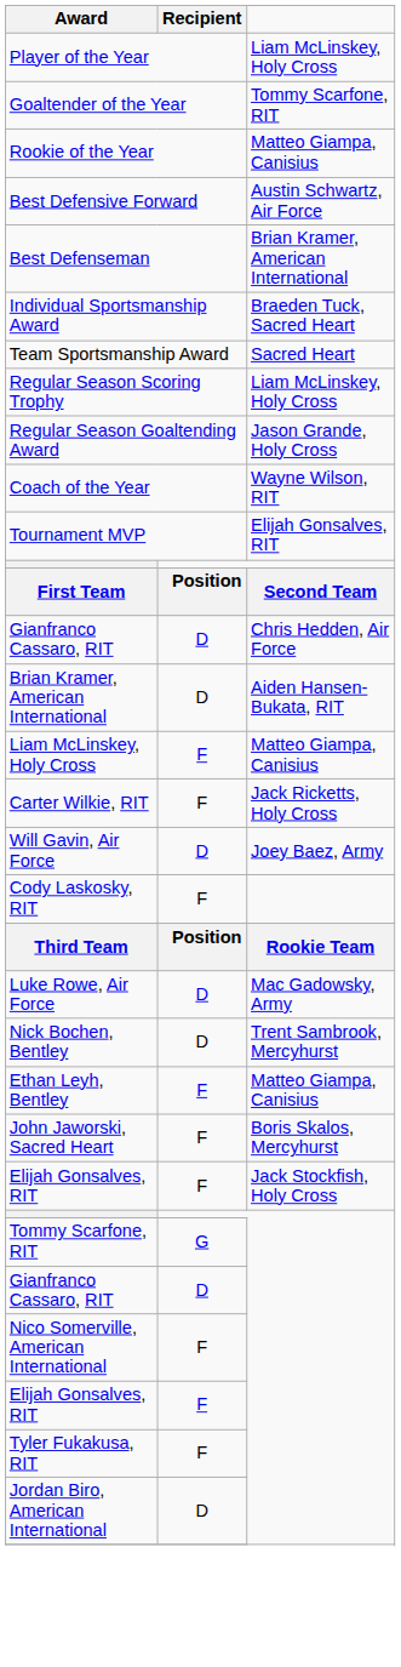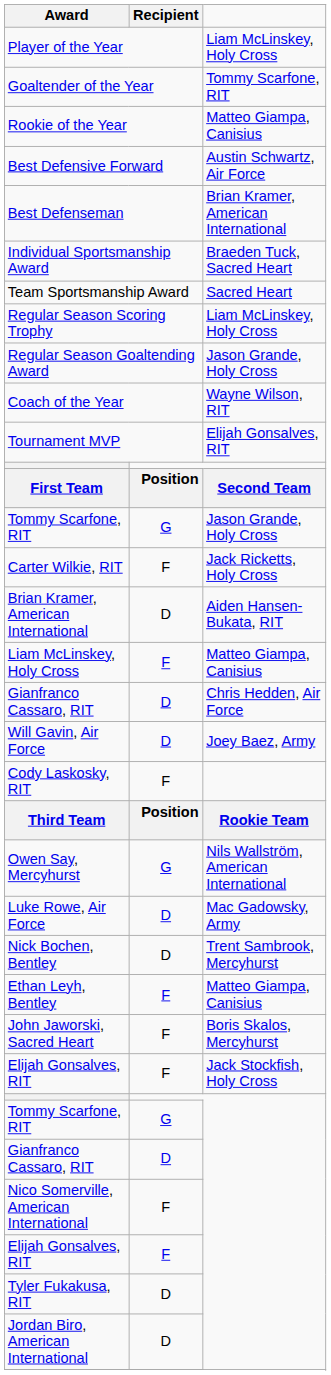 <table class="wikitable" width=40%>
 <tr>
 <th>Award</th>
 <th>Recipient </th>
 </tr>
 <tr>
 <td colspan=2><a href='#'>Player of the Year</a></td>
 <td><a href='#'>Liam McLinskey</a>, <a href='#'>Holy Cross</a></td>
 </tr>
 <tr>
 <td colspan=2><a href='#'>Goaltender of the Year</a></td>
 <td><a href='#'>Tommy Scarfone</a>, <a href='#'>RIT</a></td>
 </tr>
 <tr>
 <td colspan=2><a href='#'>Rookie of the Year</a></td>
 <td><a href='#'>Matteo Giampa</a>, <a href='#'>Canisius</a></td>
 </tr>
 <tr>
 <td colspan=2><a href='#'>Best Defensive Forward</a></td>
 <td><a href='#'>Austin Schwartz</a>, <a href='#'>Air Force</a></td>
 </tr>
 <tr>
 <td colspan=2><a href='#'>Best Defenseman</a></td>
 <td><a href='#'>Brian Kramer</a>, <a href='#'>American International</a></td>
 </tr>
 <tr>
 <td colspan=2><a href='#'>Individual Sportsmanship Award</a></td>
 <td><a href='#'>Braeden Tuck</a>, <a href='#'>Sacred Heart</a></td>
 </tr>
 <tr>
 <td colspan=2>Team Sportsmanship Award</td>
 <td><a href='#'>Sacred Heart</a></td>
 </tr>
 <tr>
 <td colspan=2><a href='#'>Regular Season Scoring Trophy</a></td>
 <td><a href='#'>Liam McLinskey</a>, <a href='#'>Holy Cross</a></td>
 </tr>
 <tr>
 <td colspan=2><a href='#'>Regular Season Goaltending Award</a></td>
 <td><a href='#'>Jason Grande</a>, <a href='#'>Holy Cross</a></td>
 </tr>
 <tr>
 <td colspan=2><a href='#'>Coach of the Year</a></td>
 <td><a href='#'>Wayne Wilson</a>, <a href='#'>RIT</a></td>
 </tr>
 <tr>
 <td colspan=2><a href='#'>Tournament MVP</a></td>
 <td><a href='#'>Elijah Gonsalves</a>, <a href='#'>RIT</a></td>
 </tr>
 <tr>
 <th><a href='#'></a></th>
 </tr>
 <tr>
 <th><a href='#'>First Team</a></th>
 <th>  Position  </th>
 <th><a href='#'>Second Team</a></th>
 </tr>
 <tr>
-<td><a href='#'>Gianfranco Cassaro</a>, <a href='#'>RIT</a></td>
-<td align=center><a href='#'>D</a></td>
-<td><a href='#'>Chris Hedden</a>, <a href='#'>Air Force</a></td>
+<td><a href='#'>Tommy Scarfone</a>, <a href='#'>RIT</a></td>
+<td align=center><a href='#'>G</a></td>
+<td><a href='#'>Jason Grande</a>, <a href='#'>Holy Cross</a></td>
+</tr>
+<tr>
+<td><a href='#'>Carter Wilkie</a>, <a href='#'>RIT</a></td>
+<td align=center>F</td>
+<td><a href='#'>Jack Ricketts</a>, <a href='#'>Holy Cross</a></td>
 </tr>
 <tr>
 <td><a href='#'>Brian Kramer</a>, <a href='#'>American International</a></td>
 <td align=center>D</td>
 <td><a href='#'>Aiden Hansen-Bukata</a>, <a href='#'>RIT</a></td>
 </tr>
 <tr>
 <td><a href='#'>Liam McLinskey</a>, <a href='#'>Holy Cross</a></td>
 <td align=center><a href='#'>F</a></td>
 <td><a href='#'>Matteo Giampa</a>, <a href='#'>Canisius</a></td>
 </tr>
 <tr>
-<td><a href='#'>Carter Wilkie</a>, <a href='#'>RIT</a></td>
-<td align=center>F</td>
-<td><a href='#'>Jack Ricketts</a>, <a href='#'>Holy Cross</a></td>
+<td><a href='#'>Gianfranco Cassaro</a>, <a href='#'>RIT</a></td>
+<td align=center><a href='#'>D</a></td>
+<td><a href='#'>Chris Hedden</a>, <a href='#'>Air Force</a></td>
 </tr>
 <tr>
 <td><a href='#'>Will Gavin</a>, <a href='#'>Air Force</a></td>
 <td align=center><a href='#'>D</a></td>
 <td><a href='#'>Joey Baez</a>, <a href='#'>Army</a></td>
 </tr>
 <tr>
 <td><a href='#'>Cody Laskosky</a>, <a href='#'>RIT</a></td>
 <td align=center>F</td>
 <td></td>
 </tr>
 <tr>
 <th><a href='#'>Third Team</a></th>
 <th>  Position  </th>
 <th><a href='#'>Rookie Team</a></th>
+</tr>
+<tr>
+<td><a href='#'>Owen Say</a>, <a href='#'>Mercyhurst</a></td>
+<td align=center><a href='#'>G</a></td>
+<td><a href='#'>Nils Wallström</a>, <a href='#'>American International</a></td>
 </tr>
 <tr>
 <td><a href='#'>Luke Rowe</a>, <a href='#'>Air Force</a></td>
 <td align=center><a href='#'>D</a></td>
 <td><a href='#'>Mac Gadowsky</a>, <a href='#'>Army</a></td>
 </tr>
 <tr>
 <td><a href='#'>Nick Bochen</a>, <a href='#'>Bentley</a></td>
 <td align=center>D</td>
 <td><a href='#'>Trent Sambrook</a>, <a href='#'>Mercyhurst</a></td>
 </tr>
 <tr>
 <td><a href='#'>Ethan Leyh</a>, <a href='#'>Bentley</a></td>
 <td align=center><a href='#'>F</a></td>
 <td><a href='#'>Matteo Giampa</a>, <a href='#'>Canisius</a></td>
 </tr>
 <tr>
 <td><a href='#'>John Jaworski</a>, <a href='#'>Sacred Heart</a></td>
 <td align=center>F</td>
 <td><a href='#'>Boris Skalos</a>, <a href='#'>Mercyhurst</a></td>
 </tr>
 <tr>
 <td><a href='#'>Elijah Gonsalves</a>, <a href='#'>RIT</a></td>
 <td align=center>F</td>
 <td><a href='#'>Jack Stockfish</a>, <a href='#'>Holy Cross</a></td>
 </tr>
 <tr>
 <th><a href='#'></a></th>
 </tr>
 <tr>
 <td><a href='#'>Tommy Scarfone</a>, <a href='#'>RIT</a></td>
 <td align=center><a href='#'>G</a></td>
 </tr>
 <tr>
 <td><a href='#'>Gianfranco Cassaro</a>, <a href='#'>RIT</a></td>
 <td align=center><a href='#'>D</a></td>
 </tr>
 <tr>
 <td><a href='#'>Nico Somerville</a>, <a href='#'>American International</a></td>
 <td align=center>F</td>
 </tr>
 <tr>
 <td><a href='#'>Elijah Gonsalves</a>, <a href='#'>RIT</a></td>
 <td align=center><a href='#'>F</a></td>
 </tr>
 <tr>
 <td><a href='#'>Tyler Fukakusa</a>, <a href='#'>RIT</a></td>
-<td align=center>F</td>
+<td align=center>D</td>
 </tr>
 <tr>
 <td><a href='#'>Jordan Biro</a>, <a href='#'>American International</a></td>
 <td align=center>D</td>
 </tr>
 <tr>
 </tr>
 </table>
